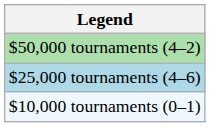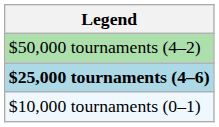 <table class="wikitable" style="font-size:85%">
 <tr>
 <th>Legend</th>
 </tr>
 <tr style="background:#addfad;">
 <td>$50,000 tournaments (4–2)</td>
 </tr>
 <tr style="background:lightblue;">
-<td>$25,000 tournaments (4–6)</td>
+<td><strong>$25,000 tournaments (4–6)</strong></td>
 </tr>
 <tr style="background:#f0f8ff;">
 <td>$10,000 tournaments (0–1)</td>
 </tr>
 </table>
